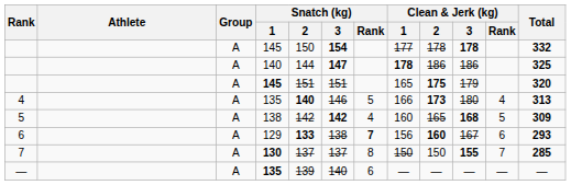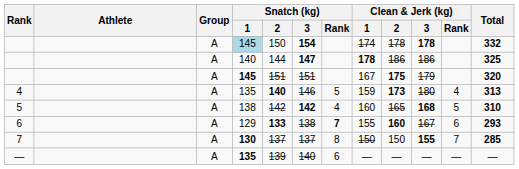 <table class = "wikitable" style="text-align:center;">
 <tr>
 <th rowspan=2 width=40>Rank</th>
 <th rowspan=2 width=250>Athlete</th>
 <th rowspan=2 width=50>Group</th>
 <th colspan=4>Snatch (kg)</th>
 <th colspan=4>Clean & Jerk (kg)</th>
 <th rowspan=2 width=60>Total</th>
 </tr>
 <tr>
 <th width=40>1</th>
 <th width=40>2</th>
 <th width=40>3</th>
 <th width=40>Rank</th>
 <th width=40>1</th>
 <th width=40>2</th>
 <th width=40>3</th>
 <th width=40>Rank</th>
 </tr>
 <tr>
 <td></td>
 <td align=left></td>
 <td>A</td>
-<td>145</td>
+<td style="background: lightblue;">145</td>
 <td>150</td>
 <td><strong>154</strong></td>
 <td></td>
-<td><s>177</s></td>
+<td><s>174</s></td>
 <td><s>178</s></td>
 <td><strong>178</strong></td>
 <td></td>
 <td><strong>332</strong></td>
 </tr>
 <tr>
 <td></td>
 <td align=left></td>
 <td>A</td>
 <td>140</td>
 <td>144</td>
 <td><strong>147</strong></td>
 <td></td>
 <td><strong>178</strong></td>
 <td><s>186</s></td>
 <td><s>186</s></td>
 <td></td>
 <td><strong>325</strong></td>
 </tr>
 <tr>
 <td></td>
 <td align=left></td>
 <td>A</td>
 <td><strong>145</strong></td>
 <td><s>151</s></td>
 <td><s>151</s></td>
 <td></td>
-<td>165</td>
+<td>167</td>
 <td><strong>175</strong></td>
 <td><s>179</s></td>
 <td></td>
 <td><strong>320</strong></td>
 </tr>
 <tr>
 <td>4</td>
 <td align=left></td>
 <td>A</td>
 <td>135</td>
 <td><strong>140</strong></td>
 <td><s>146</s></td>
 <td>5</td>
-<td>166</td>
+<td>159</td>
 <td><strong>173</strong></td>
 <td><s>180</s></td>
 <td>4</td>
 <td><strong>313</strong></td>
 </tr>
 <tr>
 <td>5</td>
 <td align=left></td>
 <td>A</td>
 <td>138</td>
 <td><s>142</s></td>
 <td><strong>142</strong></td>
 <td>4</td>
 <td>160</td>
 <td><s>165</s></td>
 <td><strong>168</strong></td>
 <td>5</td>
-<td><strong>309</strong></td>
+<td><strong>310</strong></td>
 </tr>
 <tr>
 <td>6</td>
 <td align=left></td>
 <td>A</td>
 <td>129</td>
 <td><strong>133</strong></td>
 <td><s>138</s></td>
 <td><strong>7</strong></td>
-<td>156</td>
+<td>155</td>
 <td><strong>160</strong></td>
 <td><s>167</s></td>
 <td>6</td>
 <td><strong>293</strong></td>
 </tr>
 <tr>
 <td>7</td>
 <td align=left></td>
 <td>A</td>
 <td><strong>130</strong></td>
 <td><s>137</s></td>
 <td><s>137</s></td>
 <td>8</td>
 <td><s>150</s></td>
 <td>150</td>
 <td><strong>155</strong></td>
 <td>7</td>
 <td><strong>285</strong></td>
 </tr>
 <tr>
 <td>—</td>
 <td align=left></td>
 <td>A</td>
 <td><strong>135</strong></td>
 <td><s>139</s></td>
 <td><s>140</s></td>
 <td>6</td>
 <td>—</td>
 <td>—</td>
 <td>—</td>
 <td>—</td>
 <td>—</td>
 </tr>
 </table>
